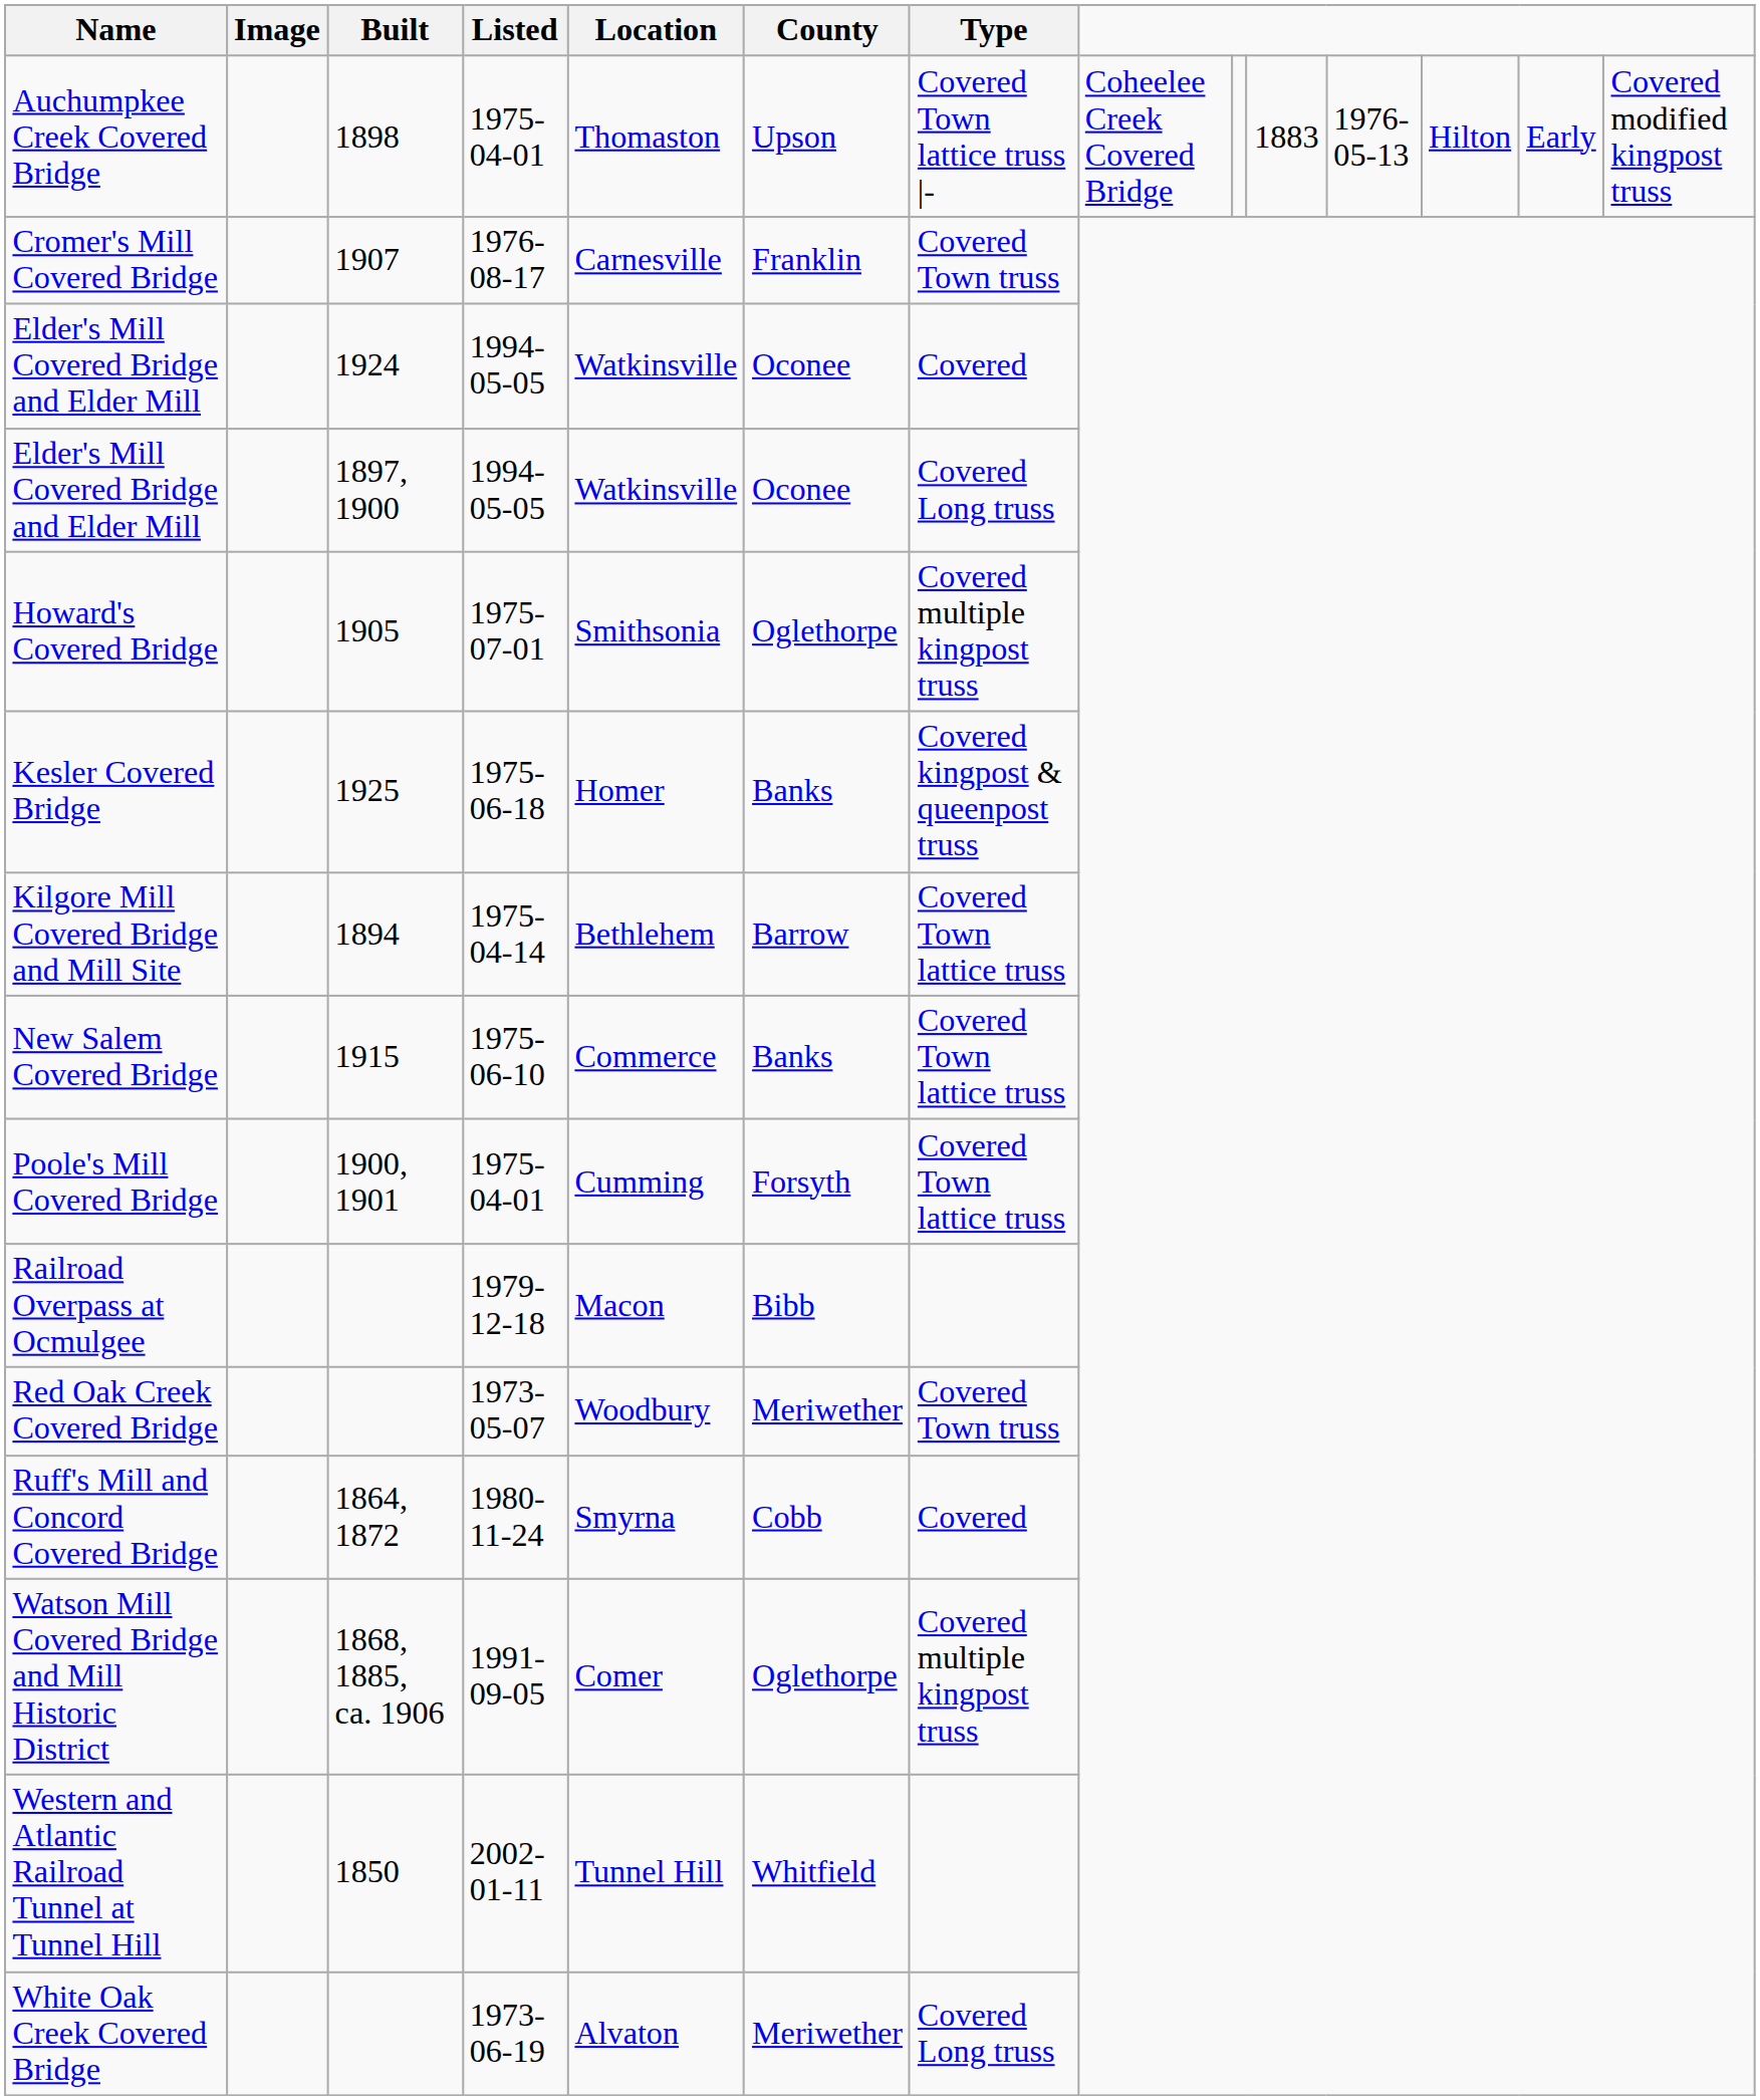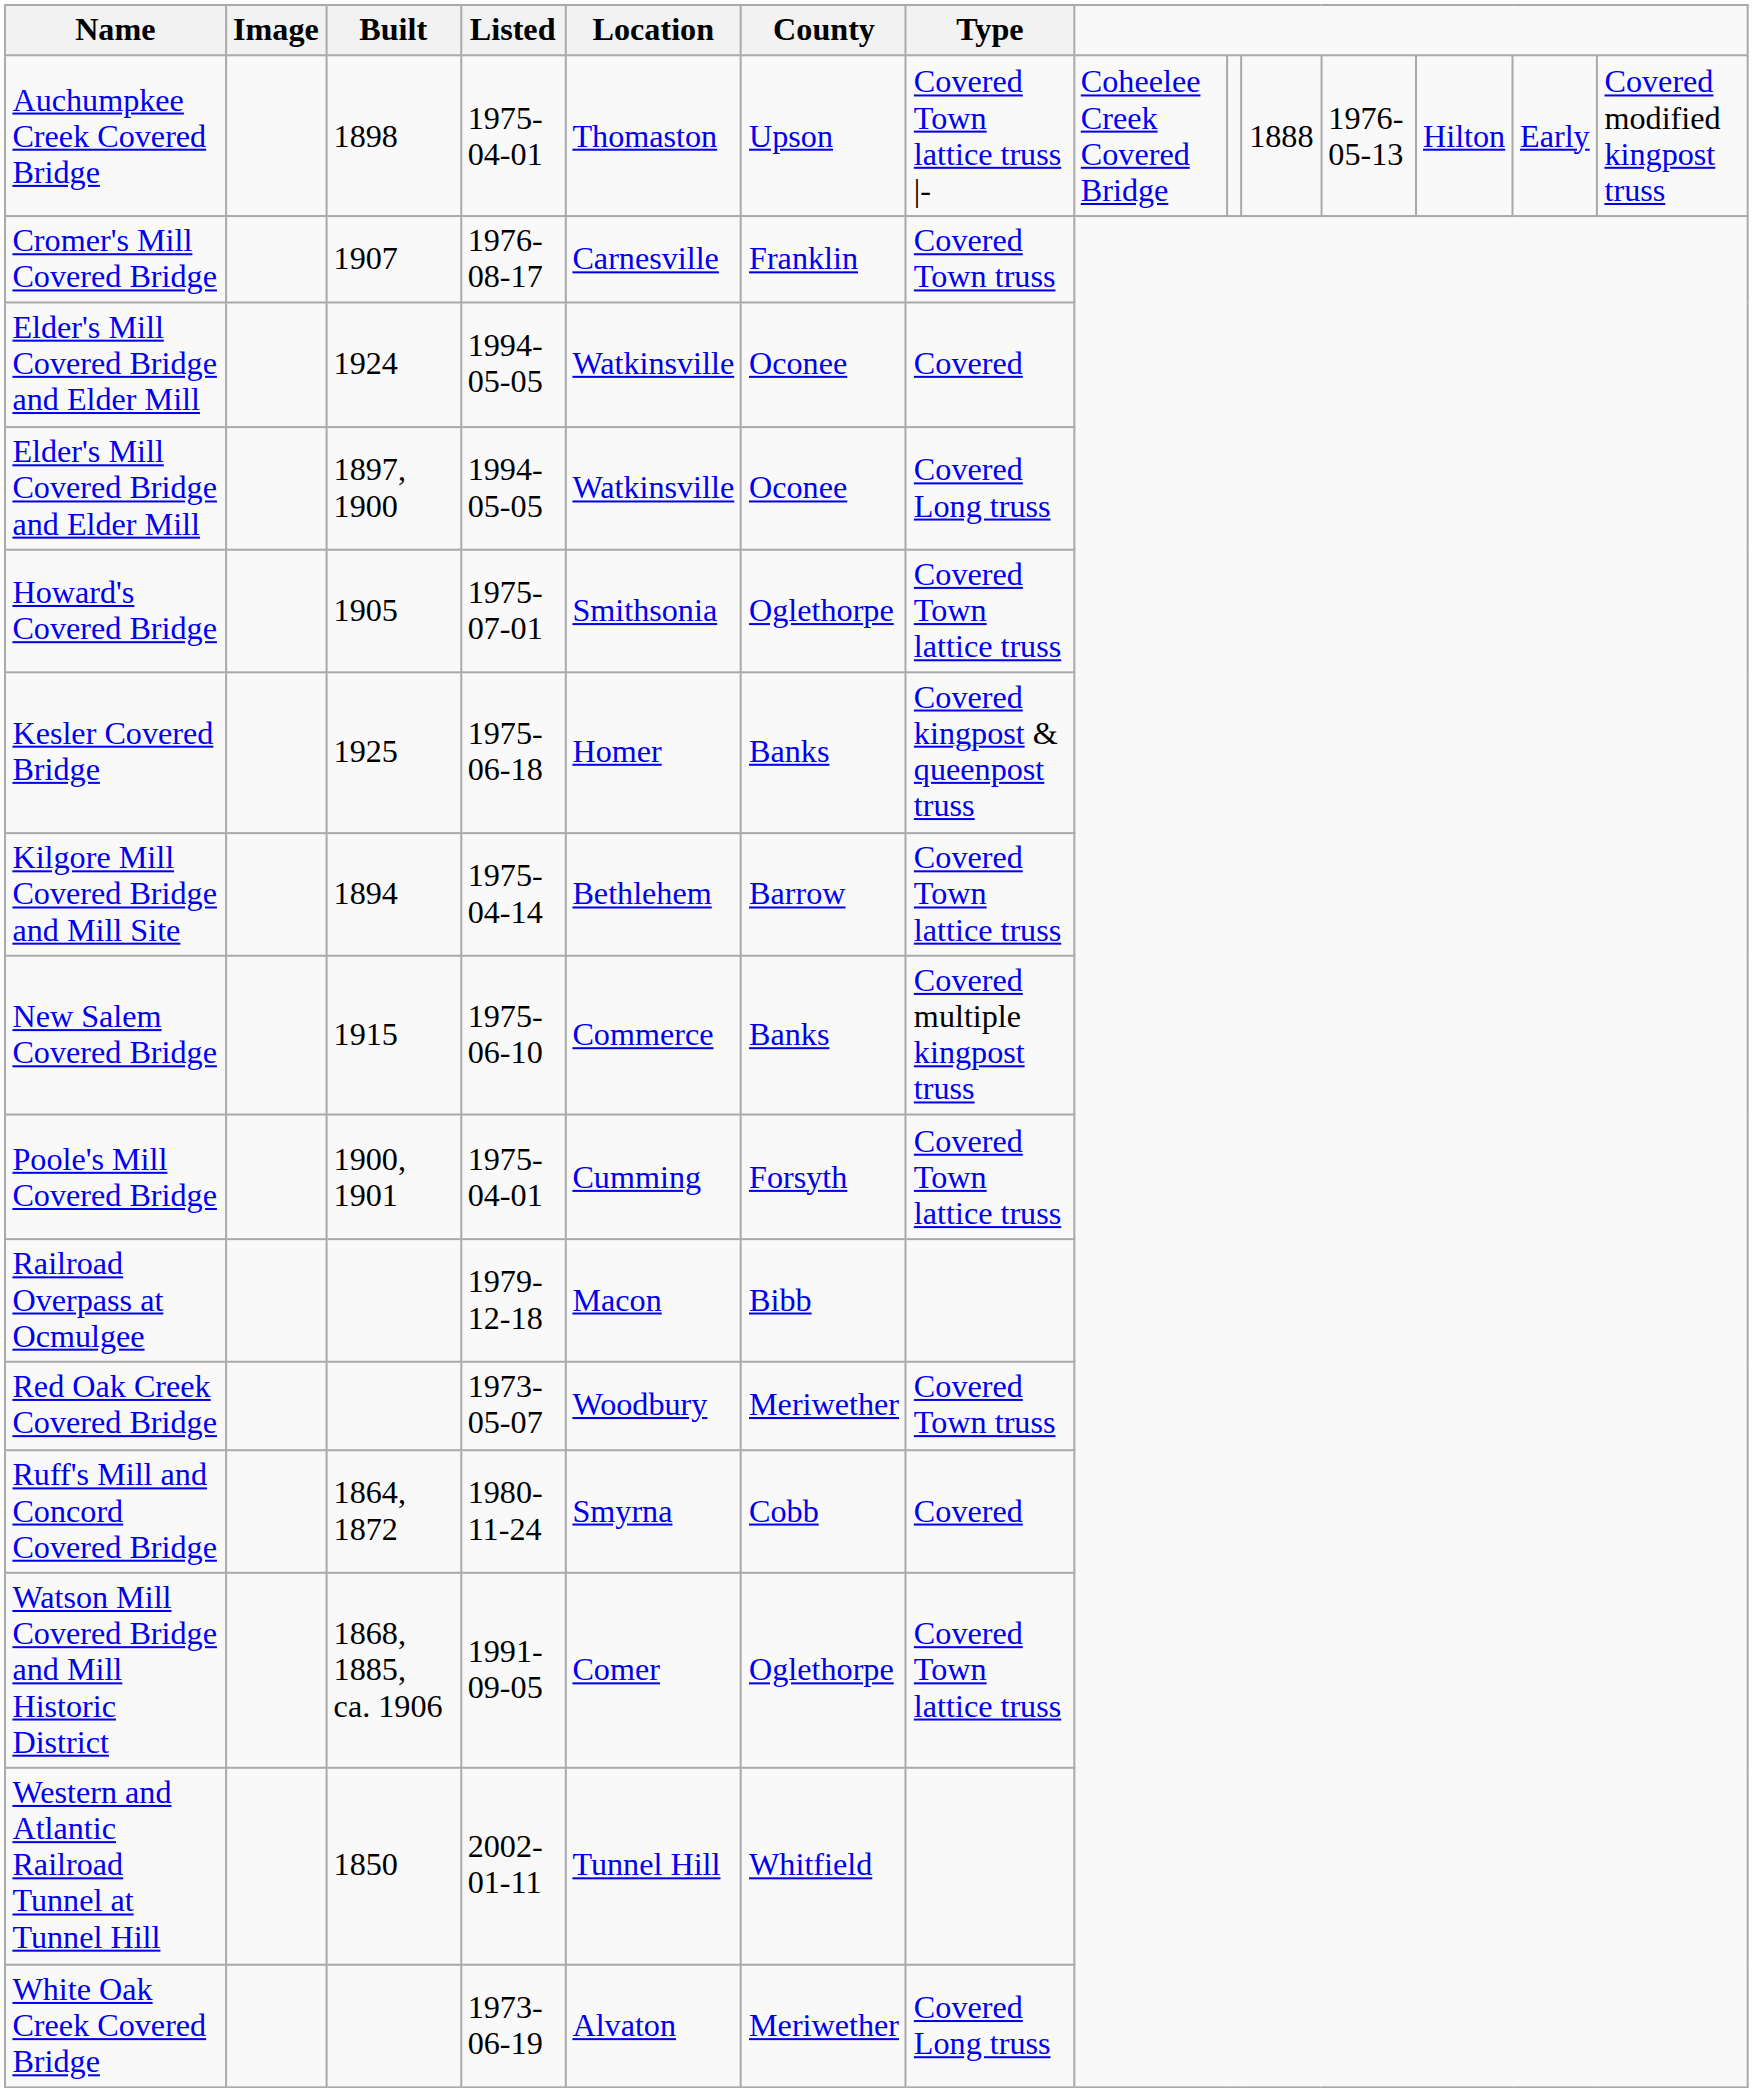 <table class="wikitable sortable">
 <tr>
 <th>Name</th>
 <th>Image</th>
 <th>Built</th>
 <th>Listed</th>
 <th>Location</th>
 <th>County</th>
 <th>Type</th>
 </tr>
 <tr>
 <td><a href='#'>Auchumpkee Creek Covered Bridge</a></td>
 <td></td>
 <td>1898</td>
 <td>1975-04-01</td>
 <td><a href='#'>Thomaston</a><br><small></small></td>
 <td><a href='#'>Upson</a></td>
 <td><a href='#'>Covered</a> <a href='#'>Town lattice truss</a><br> |-</td>
 <td><a href='#'>Coheelee Creek Covered Bridge</a></td>
 <td></td>
-<td>1883</td>
+<td>1888</td>
 <td>1976-05-13</td>
 <td><a href='#'>Hilton</a><br><small></small></td>
 <td><a href='#'>Early</a></td>
 <td><a href='#'>Covered</a> modified <a href='#'>kingpost truss</a></td>
 </tr>
 <tr>
 <td><a href='#'>Cromer's Mill Covered Bridge</a></td>
 <td></td>
 <td>1907</td>
 <td>1976-08-17</td>
 <td><a href='#'>Carnesville</a><br><small></small></td>
 <td><a href='#'>Franklin</a></td>
 <td><a href='#'>Covered</a> <a href='#'>Town truss</a></td>
 </tr>
 <tr>
 <td><a href='#'>Elder's Mill Covered Bridge and Elder Mill</a></td>
 <td></td>
 <td>1924</td>
 <td>1994-05-05</td>
 <td><a href='#'>Watkinsville</a><br><small></small></td>
 <td><a href='#'>Oconee</a></td>
 <td><a href='#'>Covered</a></td>
 </tr>
 <tr>
 <td><a href='#'>Elder's Mill Covered Bridge and Elder Mill</a></td>
 <td></td>
 <td>1897, 1900</td>
 <td>1994-05-05</td>
 <td><a href='#'>Watkinsville</a><br><small></small></td>
 <td><a href='#'>Oconee</a></td>
 <td><a href='#'>Covered</a> <a href='#'>Long truss</a></td>
 </tr>
 <tr>
 <td><a href='#'>Howard's Covered Bridge</a></td>
 <td></td>
 <td>1905</td>
 <td>1975-07-01</td>
 <td><a href='#'>Smithsonia</a><br><small></small></td>
 <td><a href='#'>Oglethorpe</a></td>
-<td><a href='#'>Covered</a> multiple <a href='#'>kingpost truss</a></td>
+<td><a href='#'>Covered</a> <a href='#'>Town lattice truss</a></td>
 </tr>
 <tr>
 <td><a href='#'>Kesler Covered Bridge</a></td>
 <td></td>
 <td>1925</td>
 <td>1975-06-18</td>
 <td><a href='#'>Homer</a><br><small></small></td>
 <td><a href='#'>Banks</a></td>
 <td><a href='#'>Covered</a> <a href='#'>kingpost</a> & <a href='#'>queenpost truss</a></td>
 </tr>
 <tr>
 <td><a href='#'>Kilgore Mill Covered Bridge and Mill Site</a></td>
 <td></td>
 <td>1894</td>
 <td>1975-04-14</td>
 <td><a href='#'>Bethlehem</a><br><small></small></td>
 <td><a href='#'>Barrow</a></td>
 <td><a href='#'>Covered</a> <a href='#'>Town lattice truss</a></td>
 </tr>
 <tr>
 <td><a href='#'>New Salem Covered Bridge</a></td>
 <td></td>
 <td>1915</td>
 <td>1975-06-10</td>
 <td><a href='#'>Commerce</a><br><small></small></td>
 <td><a href='#'>Banks</a></td>
-<td><a href='#'>Covered</a> <a href='#'>Town lattice truss</a></td>
+<td><a href='#'>Covered</a> multiple <a href='#'>kingpost truss</a></td>
 </tr>
 <tr>
 <td><a href='#'>Poole's Mill Covered Bridge</a></td>
 <td></td>
 <td>1900, 1901</td>
 <td>1975-04-01</td>
 <td><a href='#'>Cumming</a><br><small></small></td>
 <td><a href='#'>Forsyth</a></td>
 <td><a href='#'>Covered</a> <a href='#'>Town lattice truss</a></td>
 </tr>
 <tr>
 <td><a href='#'>Railroad Overpass at Ocmulgee</a></td>
 <td></td>
 <td></td>
 <td>1979-12-18</td>
 <td><a href='#'>Macon</a><br><small></small></td>
 <td><a href='#'>Bibb</a></td>
 <td></td>
 </tr>
 <tr>
 <td><a href='#'>Red Oak Creek Covered Bridge</a></td>
 <td></td>
 <td></td>
 <td>1973-05-07</td>
 <td><a href='#'>Woodbury</a><br><small></small></td>
 <td><a href='#'>Meriwether</a></td>
 <td><a href='#'>Covered</a> <a href='#'>Town truss</a></td>
 </tr>
 <tr>
 <td><a href='#'>Ruff's Mill and Concord Covered Bridge</a></td>
 <td></td>
 <td>1864, 1872</td>
 <td>1980-11-24</td>
 <td><a href='#'>Smyrna</a><br><small></small></td>
 <td><a href='#'>Cobb</a></td>
 <td><a href='#'>Covered</a><br> </td>
 </tr>
 <tr>
 <td><a href='#'>Watson Mill Covered Bridge and Mill Historic District</a></td>
 <td></td>
 <td>1868, 1885, ca. 1906</td>
 <td>1991-09-05</td>
 <td><a href='#'>Comer</a></td>
 <td><a href='#'>Oglethorpe</a></td>
-<td><a href='#'>Covered</a> multiple <a href='#'>kingpost truss</a></td>
+<td><a href='#'>Covered</a> <a href='#'>Town lattice truss</a></td>
 </tr>
 <tr>
 <td><a href='#'>Western and Atlantic Railroad Tunnel at Tunnel Hill</a></td>
 <td></td>
 <td>1850</td>
 <td>2002-01-11</td>
 <td><a href='#'>Tunnel Hill</a><br><small></small></td>
 <td><a href='#'>Whitfield</a></td>
 <td></td>
 </tr>
 <tr>
 <td><a href='#'>White Oak Creek Covered Bridge</a></td>
 <td></td>
 <td></td>
 <td>1973-06-19</td>
 <td><a href='#'>Alvaton</a><br><small></small></td>
 <td><a href='#'>Meriwether</a></td>
 <td><a href='#'>Covered</a> <a href='#'>Long truss</a></td>
 </tr>
 </table>
